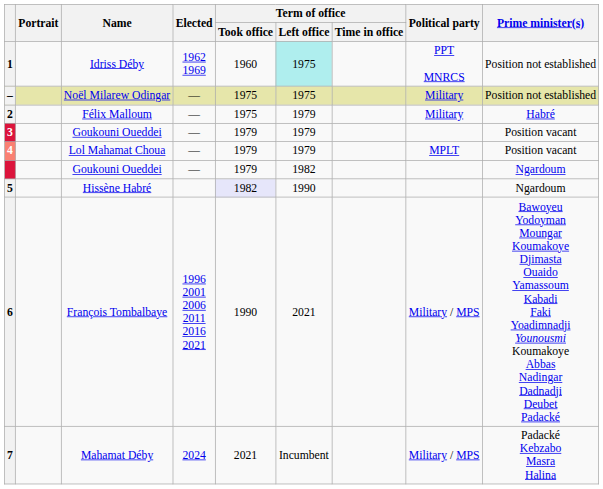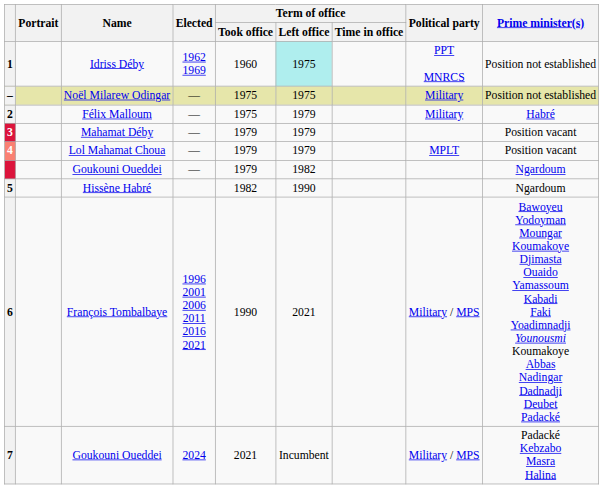 <table class="wikitable" style="text-align:center">
 <tr>
 <th rowspan="2"></th>
 <th rowspan="2">Portrait</th>
 <th rowspan="2">Name<br></th>
 <th rowspan="2">Elected</th>
 <th colspan="3">Term of office</th>
 <th rowspan="2">Political party</th>
 <th rowspan="2"><a href='#'>Prime minister(s)</a></th>
 </tr>
 <tr>
 <th>Took office</th>
 <th>Left office</th>
 <th>Time in office</th>
 </tr>
 <tr>
 <th style="background:">1</th>
 <td></td>
 <td><a href='#'>Idriss Déby</a><br></td>
 <td><a href='#'>1962</a><br><a href='#'>1969</a></td>
 <td> 1960</td>
 <td style="background: paleturquoise;"> 1975<br></td>
 <td></td>
 <td><a href='#'>PPT</a><br><br><a href='#'>MNRCS</a></td>
 <td>Position not established</td>
 </tr>
 <tr style="background:#e6e6aa;">
 <th style="background:">–</th>
 <td></td>
 <td><a href='#'>Noël Milarew Odingar</a><br></td>
 <td>—</td>
 <td> 1975</td>
 <td> 1975</td>
 <td></td>
 <td><a href='#'>Military</a></td>
 <td>Position not established</td>
 </tr>
 <tr>
 <th style="background:">2</th>
 <td></td>
 <td><a href='#'>Félix Malloum</a><br></td>
 <td>—</td>
 <td> 1975</td>
 <td> 1979<br></td>
 <td></td>
 <td><a href='#'>Military</a></td>
 <td><a href='#'>Habré</a></td>
 </tr>
 <tr>
 <th style="background:Crimson; color:white;">3</th>
 <td></td>
-<td><a href='#'>Goukouni Oueddei</a><br></td>
+<td><a href='#'>Mahamat Déby</a><br></td>
 <td>—</td>
 <td> 1979</td>
 <td> 1979</td>
 <td></td>
 <td></td>
 <td>Position vacant</td>
 </tr>
 <tr>
 <th style="background:Salmon; color:white;">4</th>
 <td></td>
 <td><a href='#'>Lol Mahamat Choua</a><br></td>
 <td>—</td>
 <td> 1979</td>
 <td> 1979</td>
 <td></td>
 <td><a href='#'>MPLT</a></td>
 <td>Position vacant</td>
 </tr>
 <tr>
 <th style="background:Crimson; color:white;"></th>
 <td></td>
 <td><a href='#'>Goukouni Oueddei</a><br></td>
 <td>—</td>
 <td> 1979</td>
 <td> 1982<br></td>
 <td></td>
 <td></td>
 <td><a href='#'>Ngardoum</a><br></td>
 </tr>
 <tr>
 <th style="background:">5</th>
 <td></td>
 <td><a href='#'>Hissène Habré</a><br></td>
 <td></td>
-<td style="background: lavender;"> 1982</td>
+<td> 1982</td>
 <td> 1990<br></td>
 <td></td>
 <td></td>
 <td>Ngardoum<br></td>
 </tr>
 <tr>
 <th style="background:">6</th>
 <td></td>
 <td><a href='#'>François Tombalbaye</a><br></td>
 <td><a href='#'>1996</a><br><a href='#'>2001</a><br><a href='#'>2006</a><br><a href='#'>2011</a><br><a href='#'>2016</a><br><a href='#'>2021</a></td>
 <td> 1990</td>
 <td> 2021<br></td>
 <td></td>
 <td><a href='#'>Military</a> / <a href='#'>MPS</a></td>
 <td><a href='#'>Bawoyeu</a><br><a href='#'>Yodoyman</a><br><a href='#'>Moungar</a><br><a href='#'>Koumakoye</a><br><a href='#'>Djimasta</a><br><a href='#'>Ouaido</a><br><a href='#'>Yamassoum</a><br><a href='#'>Kabadi</a><br><a href='#'>Faki</a><br><a href='#'>Yoadimnadji</a><br><em><a href='#'>Younousmi</a></em><br>Koumakoye<br><a href='#'>Abbas</a><br><a href='#'>Nadingar</a><br><a href='#'>Dadnadji</a><br><a href='#'>Deubet</a><br><a href='#'>Padacké</a></td>
 </tr>
 <tr>
 <th style="background:">7</th>
 <td></td>
-<td><a href='#'>Mahamat Déby</a><br></td>
+<td><a href='#'>Goukouni Oueddei</a><br></td>
 <td><a href='#'>2024</a></td>
 <td> 2021</td>
 <td>Incumbent</td>
 <td></td>
 <td><a href='#'>Military</a> / <a href='#'>MPS</a></td>
 <td>Padacké<br><a href='#'>Kebzabo</a><br><a href='#'>Masra</a><br><a href='#'>Halina</a></td>
 </tr>
 </table>
